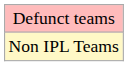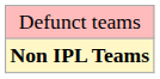 <table class="wikitable" style="float:center;">
 <tr align="center" style="background:#fbb;">
 <td>Defunct teams</td>
 </tr>
 <tr align="center" style="background:#FFF8C6;">
-<td>Non IPL Teams</td>
+<td><strong>Non IPL Teams</strong></td>
 </tr>
 </table>
